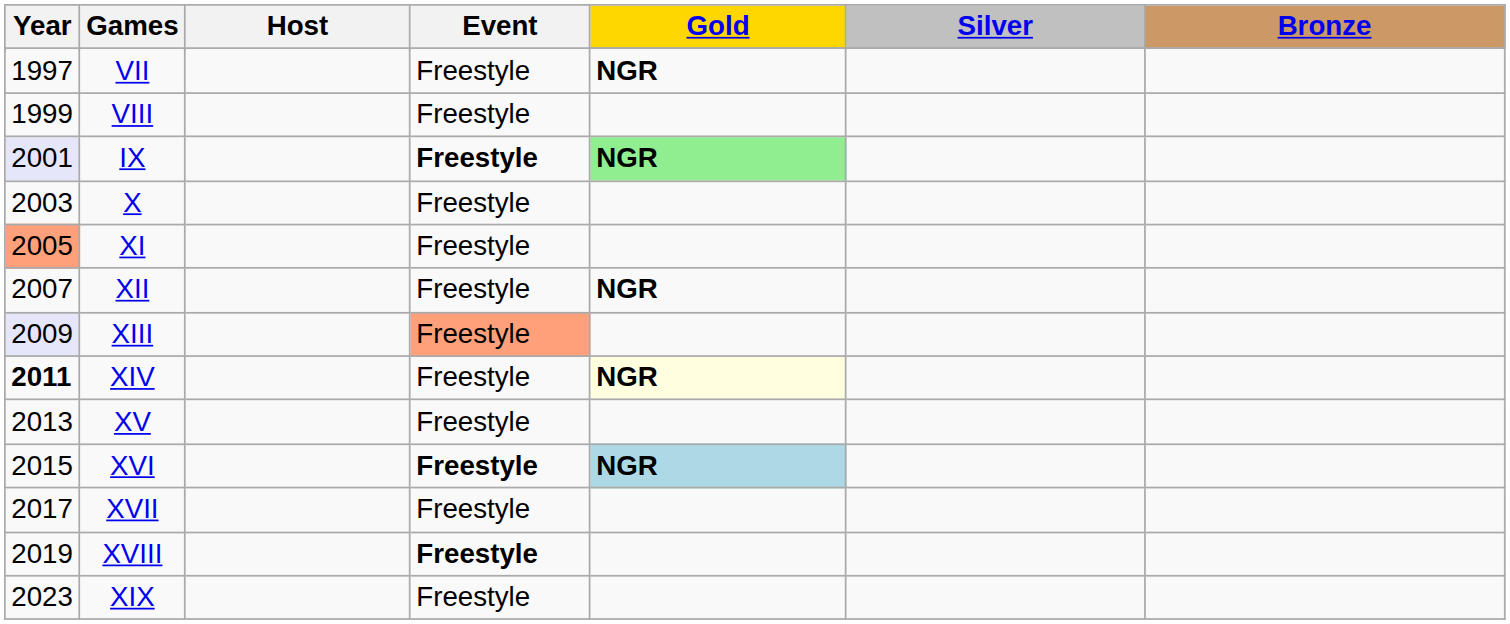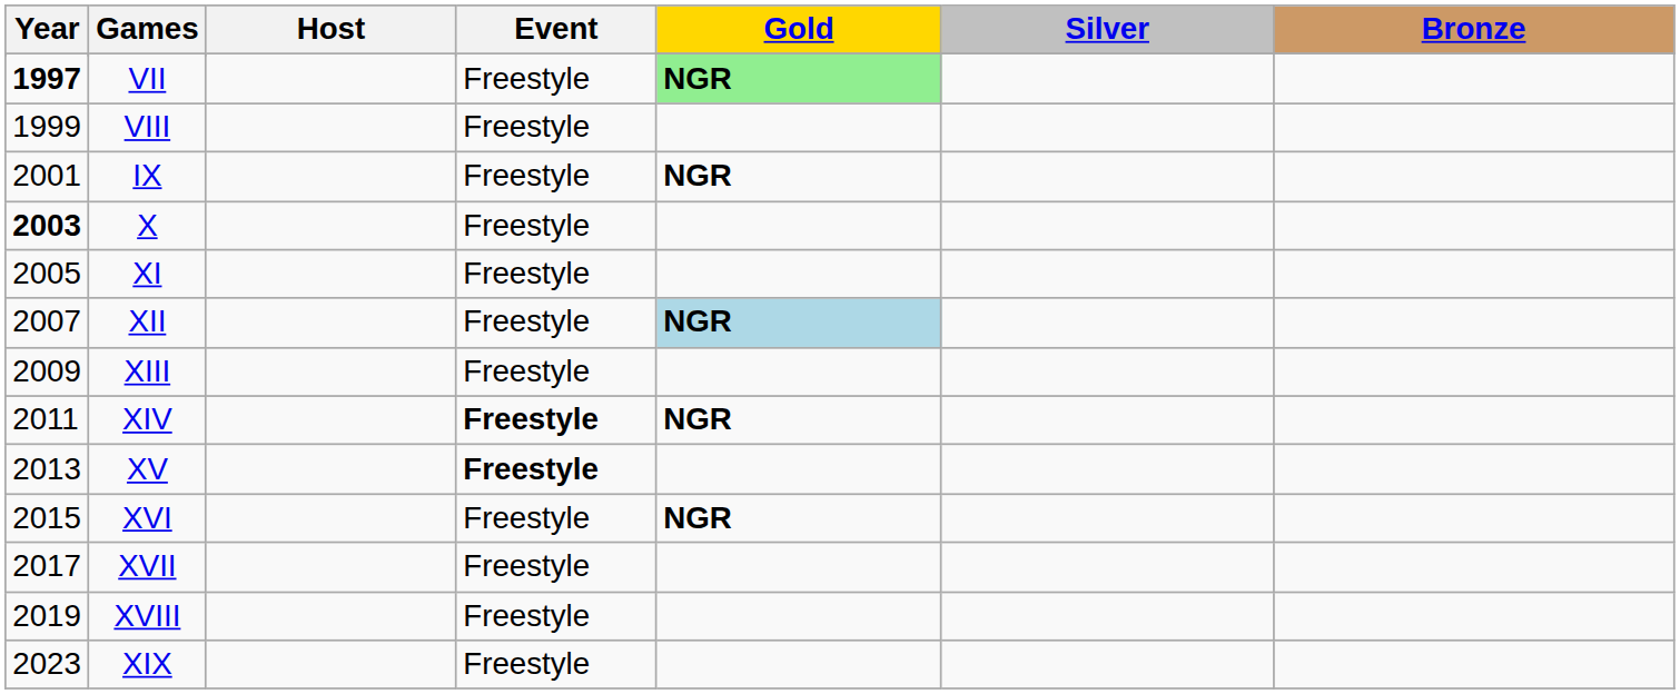 <table class="sortable wikitable collapsible collapsed">
 <tr>
 <th rowspan="2" style="width:5%;">Year</th>
 <th rowspan="2" style="width:5%;">Games</th>
 <th rowspan="2" style="width:15%;">Host</th>
 <th rowspan="2" style="width:12%;">Event</th>
 <th style="background-color: gold"><a href='#'>Gold</a></th>
 <th style="background-color: silver"><a href='#'>Silver</a></th>
 <th style="background-color: #CC9966"><a href='#'>Bronze</a></th>
 </tr>
 <tr>
 </tr>
 <tr>
-<td>1997</td>
+<td><strong>1997</strong></td>
 <td align=center><a href='#'>VII</a></td>
 <td align="left"></td>
 <td>Freestyle</td>
-<td align="left"> <strong>NGR</strong></td>
+<td align="left" style="background: lightgreen;"> <strong>NGR</strong></td>
 <td align="left"></td>
 <td align="left"></td>
 </tr>
 <tr>
 <td>1999</td>
 <td align=center><a href='#'>VIII</a></td>
 <td align="left"></td>
 <td>Freestyle</td>
 <td align="left"></td>
 <td align="left"></td>
 <td align="left"></td>
 </tr>
 <tr>
-<td style="background: lavender;">2001</td>
+<td>2001</td>
 <td align=center><a href='#'>IX</a></td>
 <td align="left"></td>
-<td><strong>Freestyle</strong></td>
-<td align="left" style="background: lightgreen;"> <strong>NGR</strong></td>
+<td>Freestyle</td>
+<td align="left"> <strong>NGR</strong></td>
 <td align="left"></td>
 <td align="left"></td>
 </tr>
 <tr>
-<td>2003</td>
+<td><strong>2003</strong></td>
 <td align=center><a href='#'>X</a></td>
 <td align="left"></td>
 <td>Freestyle</td>
 <td align="left"> </td>
 <td align="left"></td>
 <td align="left"></td>
 </tr>
 <tr>
-<td style="background: lightsalmon;">2005</td>
+<td>2005</td>
 <td align=center><a href='#'>XI</a></td>
 <td align="left"></td>
 <td>Freestyle</td>
 <td align="left"></td>
 <td align="left"></td>
 <td align="left"></td>
 </tr>
 <tr>
 <td>2007</td>
 <td align=center><a href='#'>XII</a></td>
 <td align="left"></td>
 <td>Freestyle</td>
-<td align="left"> <strong>NGR</strong></td>
+<td align="left" style="background: lightblue;"> <strong>NGR</strong></td>
 <td align="left"></td>
 <td align="left"></td>
 </tr>
 <tr>
-<td style="background: lavender;">2009</td>
+<td>2009</td>
 <td align=center><a href='#'>XIII</a></td>
 <td align="left"></td>
-<td style="background: lightsalmon;">Freestyle</td>
+<td>Freestyle</td>
 <td align="left"></td>
 <td align="left"></td>
 <td align="left"></td>
 </tr>
 <tr>
-<td><strong>2011</strong></td>
+<td>2011</td>
 <td align=center><a href='#'>XIV</a></td>
 <td align="left"></td>
-<td>Freestyle</td>
-<td align="left" style="background: lightyellow;"> <strong>NGR</strong></td>
+<td><strong>Freestyle</strong></td>
+<td align="left"> <strong>NGR</strong></td>
 <td align="left"></td>
 <td align="left"></td>
 </tr>
 <tr>
 <td>2013</td>
 <td align=center><a href='#'>XV</a></td>
 <td align="left"></td>
-<td>Freestyle</td>
+<td><strong>Freestyle</strong></td>
 <td align="left"></td>
 <td align="left"></td>
 <td align="left"></td>
 </tr>
 <tr>
 <td>2015</td>
 <td align=center><a href='#'>XVI</a></td>
 <td align="left"></td>
-<td><strong>Freestyle</strong></td>
-<td align="left" style="background: lightblue;"> <strong>NGR</strong></td>
+<td>Freestyle</td>
+<td align="left"> <strong>NGR</strong></td>
 <td align="left"> </td>
 <td align="left"></td>
 </tr>
 <tr>
 <td>2017</td>
 <td align=center><a href='#'>XVII</a></td>
 <td align="left"></td>
 <td>Freestyle</td>
 <td align="left"></td>
 <td align="left"></td>
 <td align="left"></td>
 </tr>
 <tr>
 <td>2019</td>
 <td align=center><a href='#'>XVIII</a></td>
 <td align="left"></td>
-<td><strong>Freestyle</strong></td>
+<td>Freestyle</td>
 <td align="left"></td>
 <td align="left"></td>
 <td align="left"></td>
 </tr>
 <tr>
 <td>2023</td>
 <td align=center><a href='#'>XIX</a></td>
 <td align="left"></td>
 <td>Freestyle</td>
 <td align="left"></td>
 <td align="left"></td>
 <td align="left"></td>
 </tr>
 </table>
